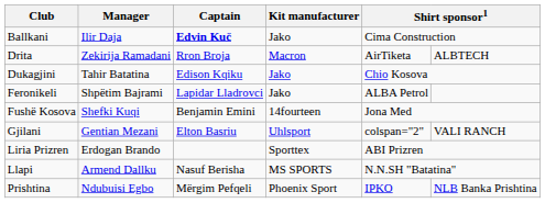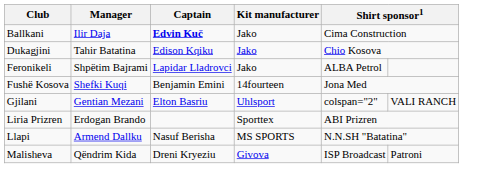 <table class="wikitable">
 <tr>
 <th>Club</th>
 <th>Manager</th>
 <th>Captain</th>
 <th>Kit manufacturer</th>
 <th colspan="2">Shirt sponsor<sup>1</sup></th>
 </tr>
 <tr>
 <td>Ballkani</td>
 <td> <a href='#'>Ilir Daja</a></td>
 <td><strong> <a href='#'>Edvin Kuč</a></strong></td>
 <td> Jako</td>
 <td colspan="2"> Cima Construction</td>
-</tr>
-<tr>
-<td>Drita</td>
-<td> <a href='#'>Zekirija Ramadani</a></td>
-<td> <a href='#'>Rron Broja</a></td>
-<td> <a href='#'>Macron</a></td>
-<td> AirTiketa</td>
-<td> ALBTECH</td>
 </tr>
 <tr>
 <td>Dukagjini</td>
 <td> Tahir Batatina</td>
 <td> <a href='#'>Edison Kqiku</a></td>
 <td> <a href='#'>Jako</a></td>
 <td colspan="2"> <a href='#'>Chio</a> Kosova</td>
 </tr>
 <tr>
 <td>Feronikeli</td>
 <td> Shpëtim Bajrami</td>
 <td> <a href='#'>Lapidar Lladrovci</a></td>
 <td> Jako</td>
 <td> ALBA Petrol</td>
 </tr>
 <tr>
 <td>Fushë Kosova</td>
 <td> <a href='#'>Shefki Kuqi</a></td>
 <td> Benjamin Emini</td>
 <td> 14fourteen</td>
 <td colspan="2"> Jona Med</td>
 </tr>
 <tr>
 <td>Gjilani</td>
 <td> <a href='#'>Gentian Mezani</a></td>
 <td> <a href='#'>Elton Basriu</a></td>
 <td> <a href='#'>Uhlsport</a></td>
 <td>colspan="2"  </td>
 <td> VALI RANCH</td>
 </tr>
 <tr>
 <td>Liria Prizren</td>
 <td> Erdogan Brando</td>
 <td></td>
 <td> Sporttex</td>
 <td colspan="2"> ABI Prizren</td>
 </tr>
 <tr>
 <td>Llapi</td>
 <td> <a href='#'>Armend Dallku</a></td>
 <td> Nasuf Berisha</td>
 <td> MS SPORTS</td>
 <td colspan="2"> N.N.SH "Batatina"</td>
 </tr>
 <tr>
-<td>Prishtina</td>
-<td> <a href='#'>Ndubuisi Egbo</a></td>
-<td> Mërgim Pefqeli</td>
-<td> Phoenix Sport</td>
-<td> <a href='#'>IPKO</a></td>
-<td> <a href='#'>NLB</a> Banka Prishtina</td>
+<td>Malisheva</td>
+<td> Qëndrim Kida</td>
+<td> Dreni Kryeziu</td>
+<td> <a href='#'>Givova</a></td>
+<td> ISP Broadcast</td>
+<td> Patroni</td>
 </tr>
 </table>
